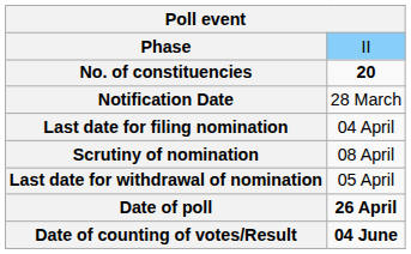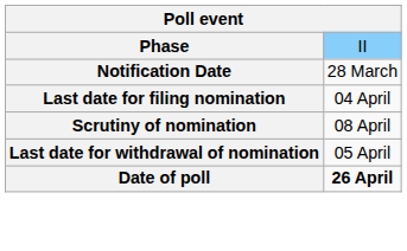 <table class="wikitable" style="text-align:center;font-size:90%;">
 <tr>
 <th colspan=2>Poll event</th>
 </tr>
 <tr>
 <th>Phase</th>
 <td bgcolor=#87CEFA>II</td>
-</tr>
-<tr>
-<th><strong>No. of constituencies</strong></th>
-<td><strong>20</strong></td>
 </tr>
 <tr>
 <th>Notification Date</th>
 <td>28 March</td>
 </tr>
 <tr>
 <th>Last date for filing nomination</th>
 <td>04 April</td>
 </tr>
 <tr>
 <th>Scrutiny of nomination</th>
 <td>08 April</td>
 </tr>
 <tr>
 <th>Last date for withdrawal of nomination</th>
 <td>05 April</td>
 </tr>
 <tr>
 <th>Date of poll</th>
 <td><strong>26 April</strong></td>
 </tr>
-<tr>
-<th>Date of counting of votes/Result</th>
-<td><strong>04 June</strong></td>
-</tr>
 </table>
